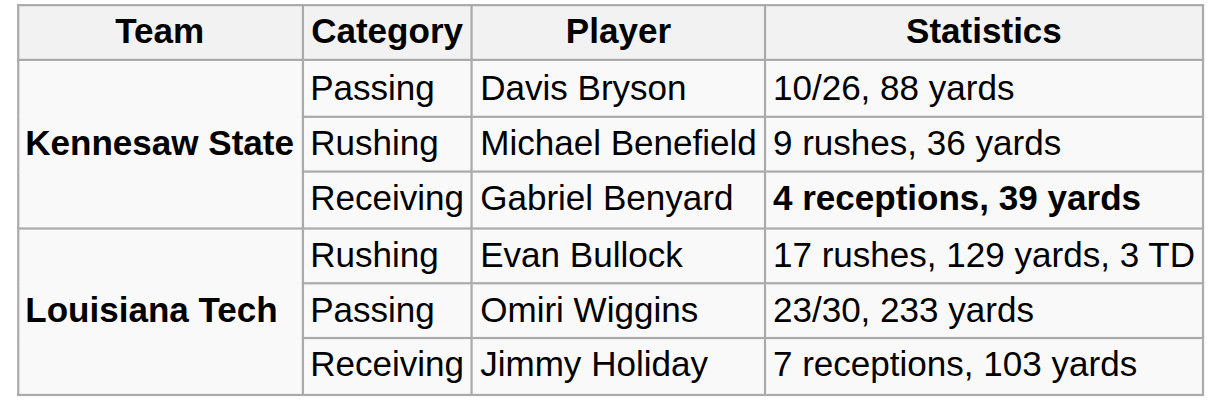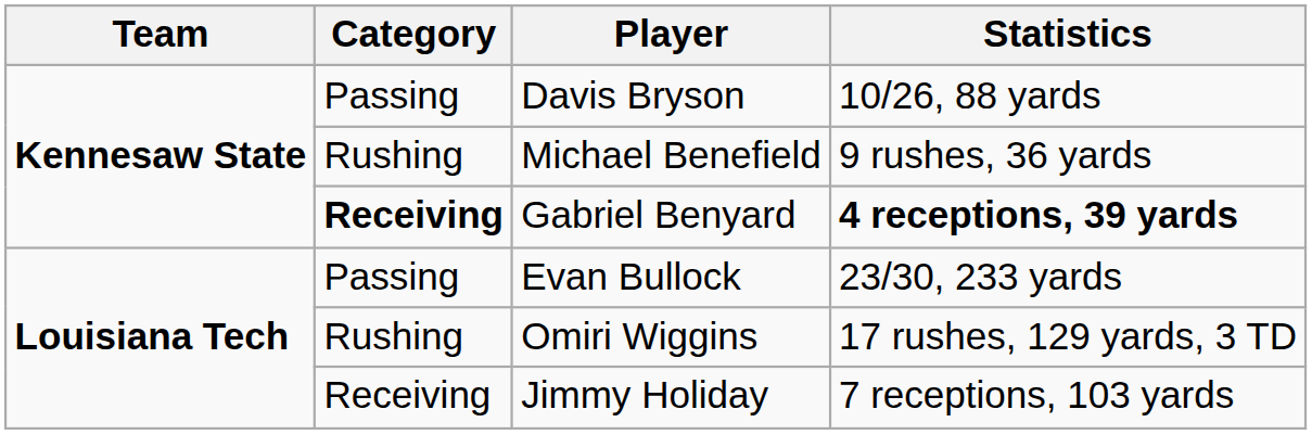 <table class="wikitable" style="float: right;">
 <tr>
 <th>Team</th>
 <th>Category</th>
 <th>Player</th>
 <th>Statistics</th>
 </tr>
 <tr>
 <td rowspan=3><strong>Kennesaw State</strong></td>
 <td>Passing</td>
 <td>Davis Bryson</td>
 <td>10/26, 88 yards</td>
 </tr>
 <tr>
 <td>Rushing</td>
 <td>Michael Benefield</td>
 <td>9 rushes, 36 yards</td>
 </tr>
 <tr>
-<td>Receiving</td>
+<td><strong>Receiving</strong></td>
 <td>Gabriel Benyard</td>
 <td><strong>4 receptions, 39 yards</strong></td>
 </tr>
 <tr>
 <td rowspan=3><strong>Louisiana Tech</strong></td>
-<td>Rushing</td>
+<td>Passing</td>
 <td>Evan Bullock</td>
-<td>17 rushes, 129 yards, 3 TD</td>
+<td>23/30, 233 yards</td>
 </tr>
 <tr>
-<td>Passing</td>
+<td>Rushing</td>
 <td>Omiri Wiggins</td>
-<td>23/30, 233 yards</td>
+<td>17 rushes, 129 yards, 3 TD</td>
 </tr>
 <tr>
 <td>Receiving</td>
 <td>Jimmy Holiday</td>
 <td>7 receptions, 103 yards</td>
 </tr>
 </table>
